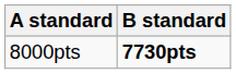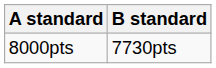 <table class="wikitable" border="1" align="upright">
 <tr>
 <th>A standard</th>
 <th>B standard</th>
 </tr>
 <tr>
 <td>8000pts</td>
-<td><strong>7730pts</strong></td>
+<td>7730pts</td>
 </tr>
 </table>
